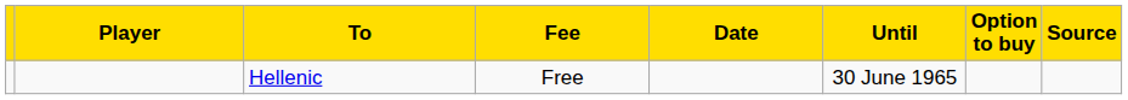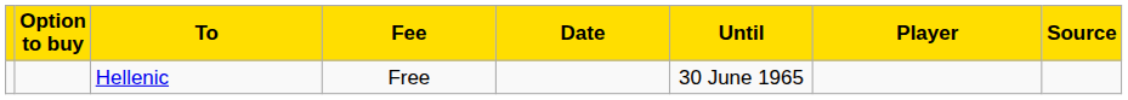 <table class="wikitable sortable">
 <tr>
 <th style="background:#FFDE00"></th>
-<th width=200 style="background:#FFDE00">Player</th>
+<th style="background:#FFDE00">Option to buy</th>
 <th width=200 style="background:#FFDE00">To</th>
 <th width=150 style="background:#FFDE00">Fee</th>
 <th width=150 style="background:#FFDE00">Date</th>
 <th width=120 style="background:#FFDE00">Until</th>
-<th style="background:#FFDE00">Option to buy</th>
+<th width=200 style="background:#FFDE00">Player</th>
 <th style="background:#FFDE00">Source</th>
 </tr>
 <tr>
 <td align=center></td>
-<td></td>
+<td align=center></td>
 <td> <a href='#'>Hellenic</a></td>
 <td align=center>Free</td>
 <td align=center></td>
 <td align=center>30 June 1965</td>
-<td align=center></td>
+<td></td>
 <td align=center></td>
 </tr>
 </table>
